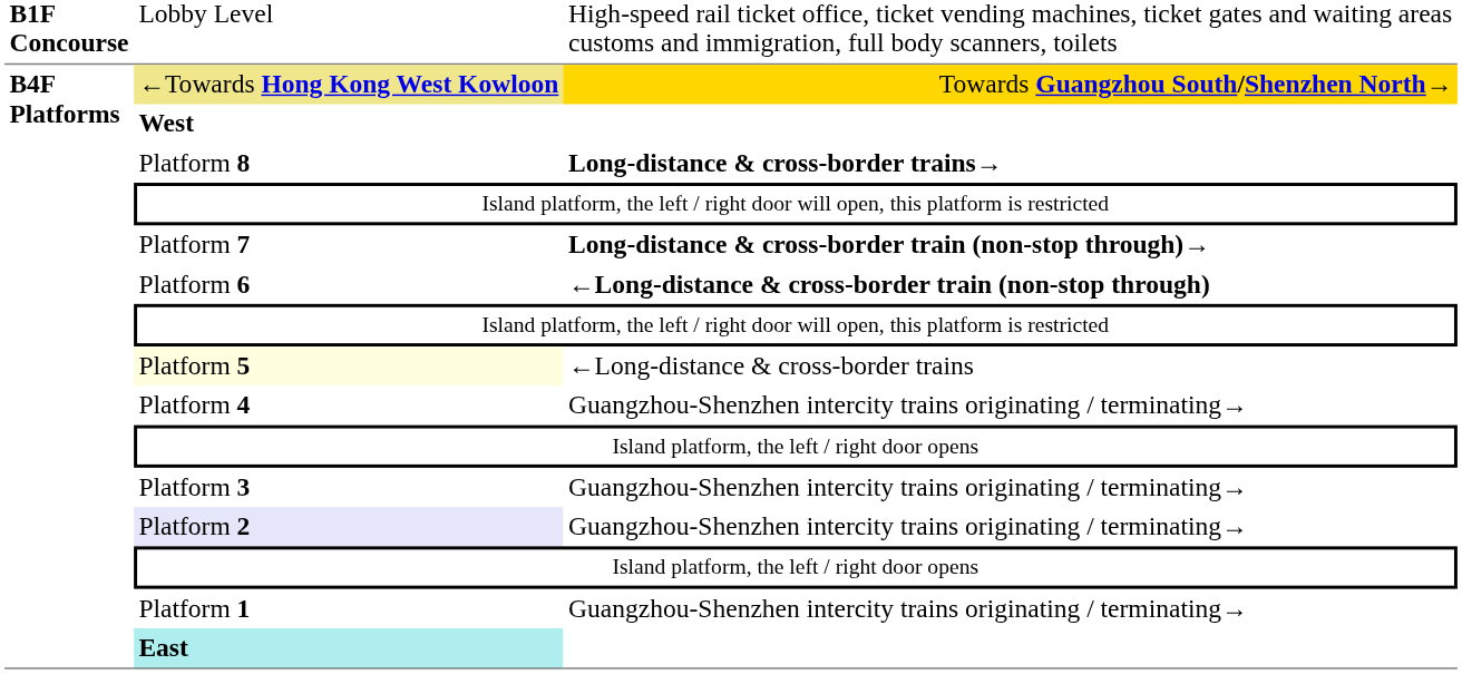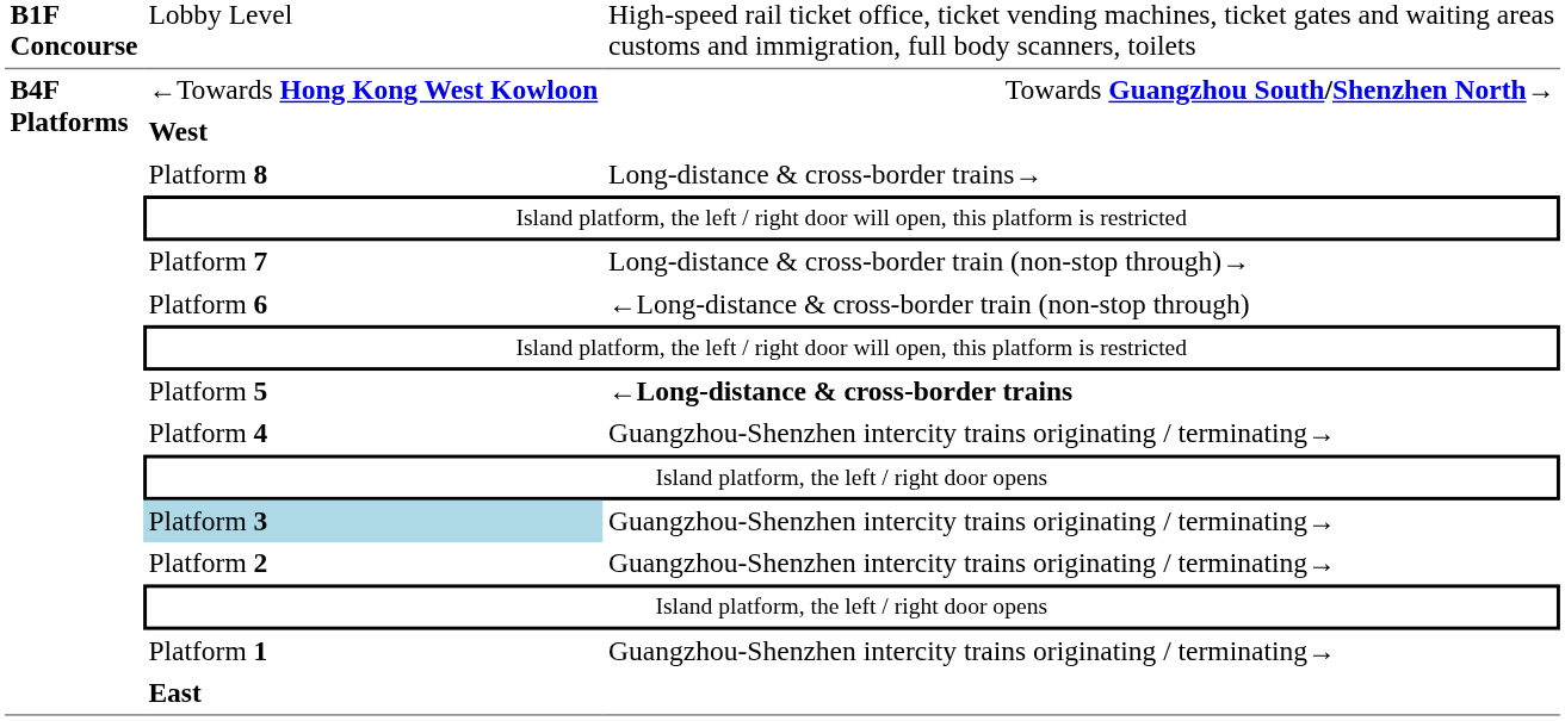 <table cellspacing="0" cellpadding="3">
 <tr style="vertical-align:top;">
 <td style="border-bottom:solid 1px gray; "><strong>B1F<br>Concourse</strong></td>
 <td style="border-bottom:solid 1px gray; ">Lobby Level</td>
 <td style="border-bottom:solid 1px gray; ">High-speed rail ticket office, ticket vending machines, ticket gates and waiting areas<br>customs and immigration, full body scanners, toilets</td>
 </tr>
 <tr>
 <td rowspan="27" style="border-bottom:solid 1px gray; vertical-align:top;"><strong>B4F<br>Platforms</strong></td>
 </tr>
 <tr>
-<td style="background: khaki;">←Towards <strong><a href='#'>Hong Kong West Kowloon</a></strong></td>
-<td align="right" style="background: gold;">Towards <a href='#'><strong>Guangzhou South</strong></a><strong>/<a href='#'>Shenzhen North</a></strong>→</td>
+<td>←Towards <strong><a href='#'>Hong Kong West Kowloon</a></strong></td>
+<td align="right">Towards <a href='#'><strong>Guangzhou South</strong></a><strong>/<a href='#'>Shenzhen North</a></strong>→</td>
 </tr>
 <tr>
 <td valign="top"><strong>West</strong></td>
 </tr>
 <tr>
 <td>Platform <strong>8</strong></td>
-<td><strong>Long-distance & cross-border trains→</strong></td>
+<td>Long-distance & cross-border trains→</td>
 </tr>
 <tr>
 <td colspan="2" style="border-top:solid 2px black; border-right:solid 2px black; border-left:solid 2px black; border-bottom:solid 2px black; font-size:smaller; text-align:center;">Island platform, the left / right door will open, this platform is restricted</td>
 </tr>
 <tr>
 <td>Platform <strong>7</strong></td>
-<td><strong>Long-distance & cross-border train (non-stop through)→</strong></td>
+<td>Long-distance & cross-border train (non-stop through)→</td>
 </tr>
 <tr>
 <td>Platform <strong>6</strong></td>
-<td><strong>←Long-distance & cross-border train (non-stop through)</strong></td>
+<td>←Long-distance & cross-border train (non-stop through)</td>
 </tr>
 <tr>
 <td colspan="2" style="border-top:solid 2px black; border-right:solid 2px black; border-left:solid 2px black; border-bottom:solid 2px black; font-size:smaller; text-align:center;">Island platform, the left / right door will open, this platform is restricted</td>
 </tr>
 <tr>
-<td style="background: lightyellow;">Platform <strong>5</strong></td>
-<td>←Long-distance & cross-border trains</td>
+<td>Platform <strong>5</strong></td>
+<td><strong>←Long-distance & cross-border trains</strong></td>
 </tr>
 <tr>
 <td>Platform <strong>4</strong></td>
 <td>Guangzhou-Shenzhen intercity trains originating / terminating→</td>
 </tr>
 <tr>
 <td colspan="2" style="border-top:solid 2px black; border-right:solid 2px black; border-left:solid 2px black; border-bottom:solid 2px black; font-size:smaller; text-align:center;">Island platform, the left / right door opens</td>
 </tr>
 <tr>
-<td>Platform <strong>3</strong></td>
+<td style="background: lightblue;">Platform <strong>3</strong></td>
 <td>Guangzhou-Shenzhen intercity trains originating / terminating→</td>
 </tr>
 <tr>
-<td style="background: lavender;">Platform <strong>2</strong></td>
+<td>Platform <strong>2</strong></td>
 <td>Guangzhou-Shenzhen intercity trains originating / terminating→</td>
 </tr>
 <tr>
 <td colspan="2" style="border-top:solid 2px black; border-right:solid 2px black; border-left:solid 2px black; border-bottom:solid 2px black; font-size:smaller; text-align:center;">Island platform, the left / right door opens</td>
 </tr>
 <tr>
 <td>Platform <strong>1</strong></td>
 <td>Guangzhou-Shenzhen intercity trains originating / terminating→</td>
 </tr>
 <tr>
-<td style="background: paleturquoise; border-bottom:solid 1px gray;"><strong>East</strong></td>
+<td style="border-bottom:solid 1px gray;"><strong>East</strong></td>
 <td style="border-bottom:solid 1px gray;"></td>
 </tr>
 </table>
